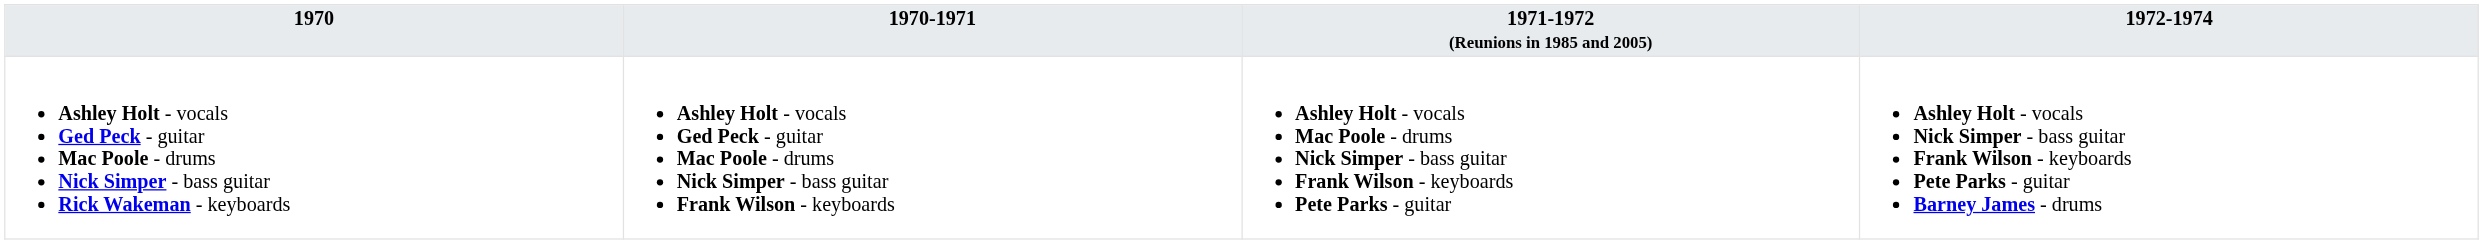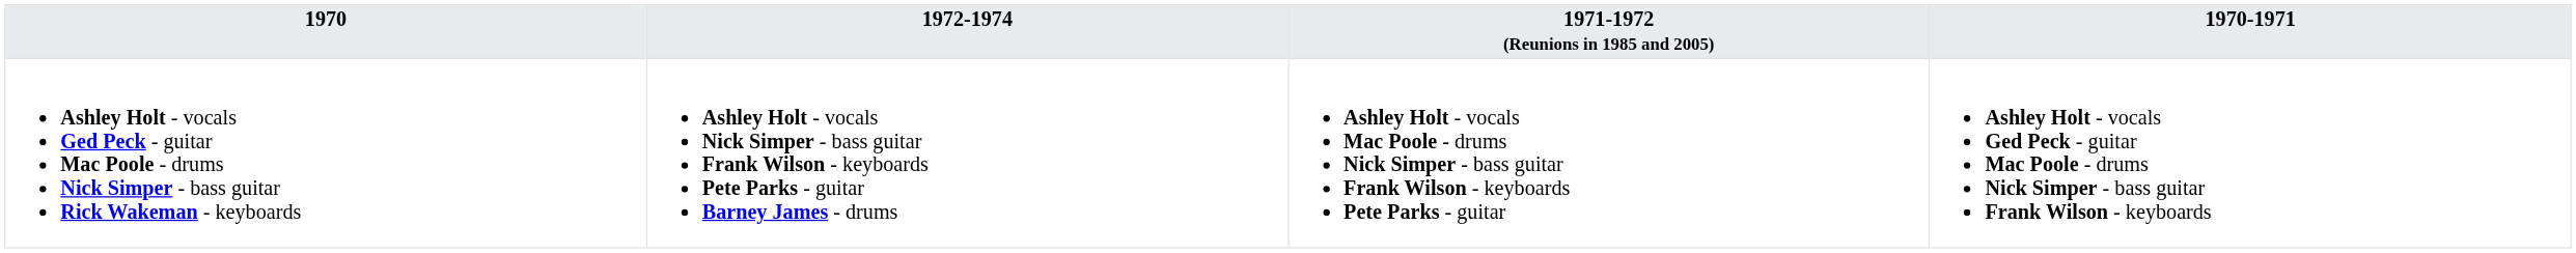 <table class="toccolours" border=1 cellpadding=2 cellspacing=0 style="float: width: 375px; margin: 0 0 1em 1em; border-collapse: collapse; border: 1px solid #E2E2E2;" width=99%>
 <tr>
 <th bgcolor="#E7EBEE" valign=top width=25%>1970</th>
+<th bgcolor="#E7EBEE" valign=top width=25%>1972-1974</th>
+<th bgcolor="#E7EBEE" valign=top width=25%>1971-1972<br><small>(Reunions in 1985 and 2005)</small></th>
 <th bgcolor="#E7EBEE" valign=top width=25%>1970-1971</th>
-<th bgcolor="#E7EBEE" valign=top width=25%>1971-1972<br><small>(Reunions in 1985 and 2005)</small></th>
-<th bgcolor="#E7EBEE" valign=top width=25%>1972-1974</th>
 </tr>
 <tr>
 <td valign=top><br><ul><li><strong>Ashley Holt</strong> - vocals</li><li><strong><a href='#'>Ged Peck</a></strong> - guitar</li><li><strong>Mac Poole</strong> - drums</li><li><strong><a href='#'>Nick Simper</a></strong> - bass guitar</li><li><strong><a href='#'>Rick Wakeman</a></strong> - keyboards</li></ul></td>
+<td valign=top><br><ul><li><strong>Ashley Holt</strong> - vocals</li><li><strong>Nick Simper</strong> - bass guitar</li><li><strong>Frank Wilson</strong> - keyboards</li><li><strong>Pete Parks</strong> - guitar</li><li><strong><a href='#'>Barney James</a></strong> - drums</li></ul></td>
+<td valign=top><br><ul><li><strong>Ashley Holt</strong> - vocals</li><li><strong>Mac Poole</strong> - drums</li><li><strong>Nick Simper</strong> - bass guitar</li><li><strong>Frank Wilson</strong> - keyboards</li><li><strong>Pete Parks</strong> - guitar</li></ul></td>
 <td valign=top><br><ul><li><strong>Ashley Holt</strong> - vocals</li><li><strong>Ged Peck</strong> - guitar</li><li><strong>Mac Poole</strong> - drums</li><li><strong>Nick Simper</strong> - bass guitar</li><li><strong>Frank Wilson</strong> - keyboards</li></ul></td>
-<td valign=top><br><ul><li><strong>Ashley Holt</strong> - vocals</li><li><strong>Mac Poole</strong> - drums</li><li><strong>Nick Simper</strong> - bass guitar</li><li><strong>Frank Wilson</strong> - keyboards</li><li><strong>Pete Parks</strong> - guitar</li></ul></td>
-<td valign=top><br><ul><li><strong>Ashley Holt</strong> - vocals</li><li><strong>Nick Simper</strong> - bass guitar</li><li><strong>Frank Wilson</strong> - keyboards</li><li><strong>Pete Parks</strong> - guitar</li><li><strong><a href='#'>Barney James</a></strong> - drums</li></ul></td>
 </tr>
 </table>
